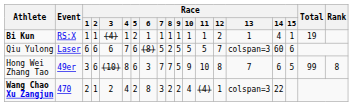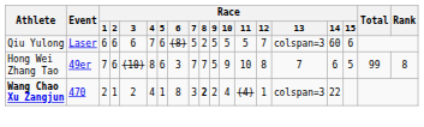 <table class=wikitable style=font-size:90%;text-align:center>
 <tr>
 <th rowspan="2">Athlete</th>
 <th rowspan="2">Event</th>
 <th colspan=15>Race</th>
 <th rowspan=2>Total</th>
 <th rowspan=2>Rank</th>
 </tr>
 <tr style="font-size:95%">
 <th>1</th>
 <th>2</th>
 <th>3</th>
 <th>4</th>
 <th>5</th>
 <th>6</th>
 <th>7</th>
 <th>8</th>
 <th>9</th>
 <th>10</th>
 <th>11</th>
 <th>12</th>
 <th>13</th>
 <th>14</th>
 <th>15</th>
 </tr>
 <tr>
-<td align=left><strong>Bi Kun</strong></td>
-<td align=left><a href='#'>RS:X</a></td>
-<td>1</td>
-<td>1</td>
-<td><s>(4)</s></td>
-<td>1</td>
-<td>2</td>
-<td>1</td>
-<td>1</td>
-<td>1</td>
-<td>1</td>
-<td>1</td>
-<td>1</td>
-<td>2</td>
-<td>1</td>
-<td>4</td>
-<td>1</td>
-<td>19</td>
-<td></td>
-</tr>
-<tr>
 <td align=left>Qiu Yulong</td>
 <td align=left><a href='#'>Laser</a></td>
 <td>6</td>
 <td>6</td>
 <td>6</td>
 <td>7</td>
 <td>6</td>
 <td><s>(8)</s></td>
 <td>5</td>
 <td>2</td>
 <td>5</td>
 <td>5</td>
 <td>5</td>
 <td>7</td>
 <td>colspan=3 </td>
 <td>60</td>
 <td>6</td>
 </tr>
 <tr>
 <td align=left>Hong Wei<br>Zhang Tao</td>
 <td align=left><a href='#'>49er</a></td>
-<td>3</td>
+<td>7</td>
 <td>6</td>
 <td><s>(10)</s><br></td>
 <td>8</td>
 <td>6</td>
 <td>3</td>
 <td>7</td>
 <td>7</td>
 <td>5</td>
 <td>9</td>
 <td>10<br></td>
 <td>8</td>
 <td>7</td>
 <td>6</td>
 <td>5</td>
 <td>99</td>
 <td>8</td>
 </tr>
 <tr>
 <td align=left><strong>Wang Chao<br><a href='#'>Xu Zangjun</a></strong></td>
 <td align=left><a href='#'>470</a></td>
 <td>2</td>
 <td>1</td>
 <td>2</td>
 <td>4</td>
-<td>2</td>
+<td>1</td>
 <td>8</td>
 <td>3</td>
-<td>2</td>
+<td><strong>2</strong></td>
 <td>2</td>
 <td>4</td>
 <td><s>(4)</s></td>
 <td>1</td>
 <td>colspan=3 </td>
 <td>22</td>
 <td></td>
 </tr>
 </table>
